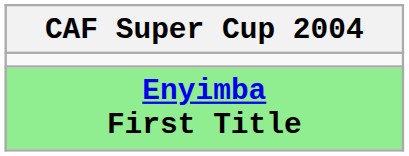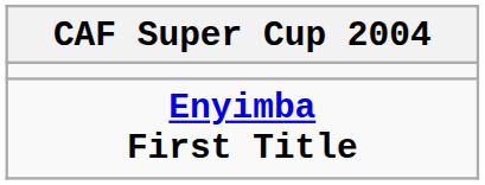 <table class="wikitable" style="margin: 0 auto; width: 20%;">
 <tr>
 <th>CAF Super Cup 2004</th>
 </tr>
 <tr>
 <td align=center></td>
 </tr>
 <tr>
-<td align=center style="background: lightgreen;"><strong><a href='#'>Enyimba</a></strong><br><strong>First Title</strong> <br></td>
+<td align=center><strong><a href='#'>Enyimba</a></strong><br><strong>First Title</strong> <br></td>
 </tr>
 </table>
